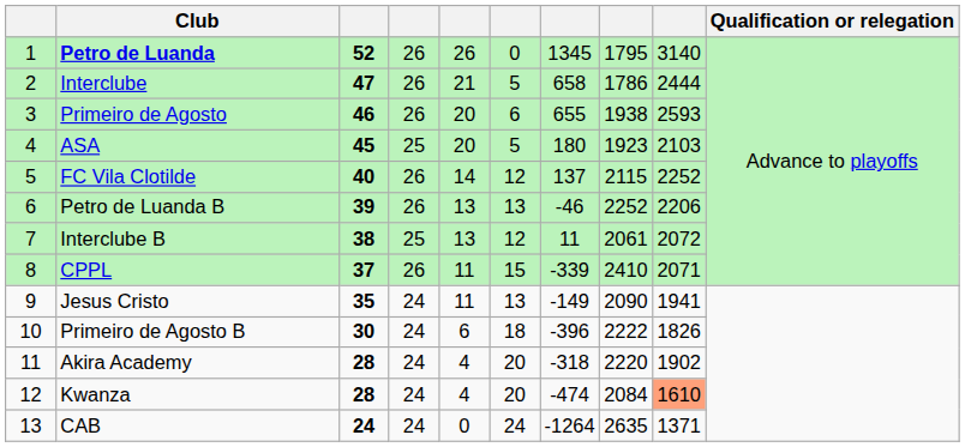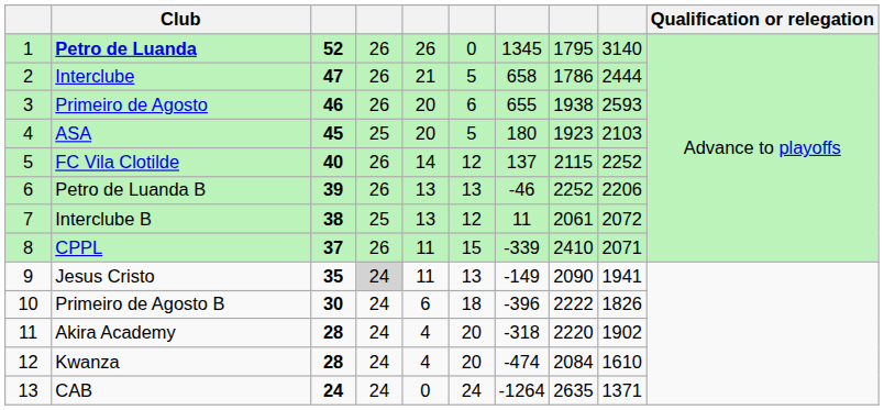 <table class="wikitable" style="text-align:center; font-size:90%;">
 <tr>
 <th width=30></th>
 <th width=200>Club</th>
 <th width=30></th>
 <th width=30></th>
 <th width=30></th>
 <th width=30></th>
 <th width=30></th>
 <th width=30></th>
 <th width=30></th>
 <th>Qualification or relegation</th>
 </tr>
 <tr bgcolor=#BBF3BB>
 <td>1</td>
 <td align=left><strong><a href='#'>Petro de Luanda</a></strong></td>
 <td><strong>52</strong></td>
 <td>26</td>
 <td>26</td>
 <td>0</td>
 <td>1345</td>
 <td>1795</td>
 <td>3140</td>
 <td rowspan=8>Advance to <a href='#'>playoffs</a></td>
 </tr>
 <tr bgcolor=#BBF3BB>
 <td>2</td>
 <td align=left><a href='#'>Interclube</a></td>
 <td><strong>47</strong></td>
 <td>26</td>
 <td>21</td>
 <td>5</td>
 <td>658</td>
 <td>1786</td>
 <td>2444</td>
 </tr>
 <tr bgcolor=#BBF3BB>
 <td>3</td>
 <td align=left><a href='#'> Primeiro de Agosto</a></td>
 <td><strong>46</strong></td>
 <td>26</td>
 <td>20</td>
 <td>6</td>
 <td>655</td>
 <td>1938</td>
 <td>2593</td>
 </tr>
 <tr bgcolor=#BBF3BB>
 <td>4</td>
 <td align=left><a href='#'>ASA</a></td>
 <td><strong>45</strong></td>
 <td>25</td>
 <td>20</td>
 <td>5</td>
 <td>180</td>
 <td>1923</td>
 <td>2103</td>
 </tr>
 <tr bgcolor=#BBF3BB>
 <td>5</td>
 <td align=left><a href='#'>FC Vila Clotilde</a></td>
 <td><strong>40</strong></td>
 <td>26</td>
 <td>14</td>
 <td>12</td>
 <td>137</td>
 <td>2115</td>
 <td>2252</td>
 </tr>
 <tr bgcolor=#BBF3BB>
 <td>6</td>
 <td align=left>Petro de Luanda B</td>
 <td><strong>39</strong></td>
 <td>26</td>
 <td>13</td>
 <td>13</td>
 <td>-46</td>
 <td>2252</td>
 <td>2206</td>
 </tr>
 <tr bgcolor=#BBF3BB>
 <td>7</td>
 <td align=left>Interclube B</td>
 <td><strong>38</strong></td>
 <td>25</td>
 <td>13</td>
 <td>12</td>
 <td>11</td>
 <td>2061</td>
 <td>2072</td>
 </tr>
 <tr bgcolor=#BBF3BB>
 <td>8</td>
 <td align=left><a href='#'>CPPL</a></td>
 <td><strong>37</strong></td>
 <td>26</td>
 <td>11</td>
 <td>15</td>
 <td>-339</td>
 <td>2410</td>
 <td>2071</td>
 </tr>
 <tr>
 <td>9</td>
 <td align=left>Jesus Cristo</td>
 <td><strong>35</strong></td>
-<td>24</td>
+<td style="background: lightgrey;">24</td>
 <td>11</td>
 <td>13</td>
 <td>-149</td>
 <td>2090</td>
 <td>1941</td>
 <td rowspan=5></td>
 </tr>
 <tr>
 <td>10</td>
 <td align=left>Primeiro de Agosto B</td>
 <td><strong>30</strong></td>
 <td>24</td>
 <td>6</td>
 <td>18</td>
 <td>-396</td>
 <td>2222</td>
 <td>1826</td>
 </tr>
 <tr>
 <td>11</td>
 <td align=left>Akira Academy</td>
 <td><strong>28</strong></td>
 <td>24</td>
 <td>4</td>
 <td>20</td>
 <td>-318</td>
 <td>2220</td>
 <td>1902</td>
 </tr>
 <tr>
 <td>12</td>
 <td align=left>Kwanza</td>
 <td><strong>28</strong></td>
 <td>24</td>
 <td>4</td>
 <td>20</td>
 <td>-474</td>
 <td>2084</td>
-<td style="background: lightsalmon;">1610</td>
+<td>1610</td>
 </tr>
 <tr>
 <td>13</td>
 <td align=left>CAB</td>
 <td><strong>24</strong></td>
 <td>24</td>
 <td>0</td>
 <td>24</td>
 <td>-1264</td>
 <td>2635</td>
 <td>1371</td>
 </tr>
 </table>
